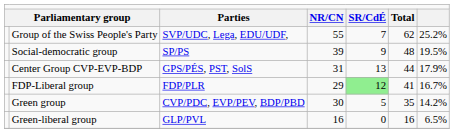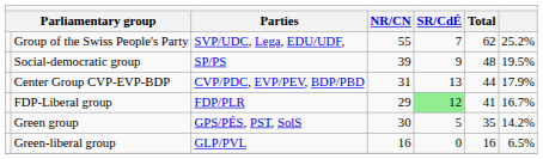 <table class="wikitable" style="text-align:right;">
 <tr>
 <td colspan=7 style="text-align:center;"></td>
 </tr>
 <tr>
 <th colspan=2>Parliamentary group</th>
 <th>Parties</th>
 <th><a href='#'>NR/CN</a></th>
 <th><a href='#'>SR/CdÉ</a></th>
 <th>Total</th>
 <th></th>
 </tr>
 <tr>
 <td style="background-color:"></td>
 <td style="text-align:left;">Group of the Swiss People's Party</td>
 <td style="text-align:left;"><a href='#'>SVP/UDC</a>, <a href='#'>Lega</a>, <a href='#'>EDU/UDF</a>, </td>
 <td>55</td>
 <td>7</td>
 <td>62</td>
 <td>25.2%</td>
 </tr>
 <tr>
 <td style="background-color:"></td>
 <td style="text-align:left;">Social-democratic group</td>
 <td style="text-align:left;"><a href='#'>SP/PS</a></td>
 <td>39</td>
 <td>9</td>
 <td>48</td>
 <td>19.5%</td>
 </tr>
 <tr>
 <td style="background-color:"></td>
 <td style="text-align:left;">Center Group CVP-EVP-BDP</td>
-<td style="text-align:left;"><a href='#'>GPS/PÉS</a>, <a href='#'>PST</a>, <a href='#'>SolS</a></td>
+<td style="text-align:left;"><a href='#'>CVP/PDC</a>, <a href='#'>EVP/PEV</a>, <a href='#'>BDP/PBD</a></td>
 <td>31</td>
 <td>13</td>
 <td>44</td>
 <td>17.9%</td>
 </tr>
 <tr>
 <td style="background-color:"></td>
 <td style="text-align:left;">FDP-Liberal group</td>
 <td style="text-align:left;"><a href='#'>FDP/PLR</a></td>
 <td>29</td>
 <td style="background: lightgreen;">12</td>
 <td>41</td>
 <td>16.7%</td>
 </tr>
 <tr>
 <td style="background-color:"></td>
 <td style="text-align:left;">Green group</td>
-<td style="text-align:left;"><a href='#'>CVP/PDC</a>, <a href='#'>EVP/PEV</a>, <a href='#'>BDP/PBD</a></td>
+<td style="text-align:left;"><a href='#'>GPS/PÉS</a>, <a href='#'>PST</a>, <a href='#'>SolS</a></td>
 <td>30</td>
 <td>5</td>
 <td>35</td>
 <td>14.2%</td>
 </tr>
 <tr>
 <td style="background-color:"></td>
 <td style="text-align:left;">Green-liberal group</td>
 <td style="text-align:left;"><a href='#'>GLP/PVL</a></td>
 <td>16</td>
 <td>0</td>
 <td>16</td>
 <td>6.5%</td>
 </tr>
 <tr>
 </tr>
 </table>
